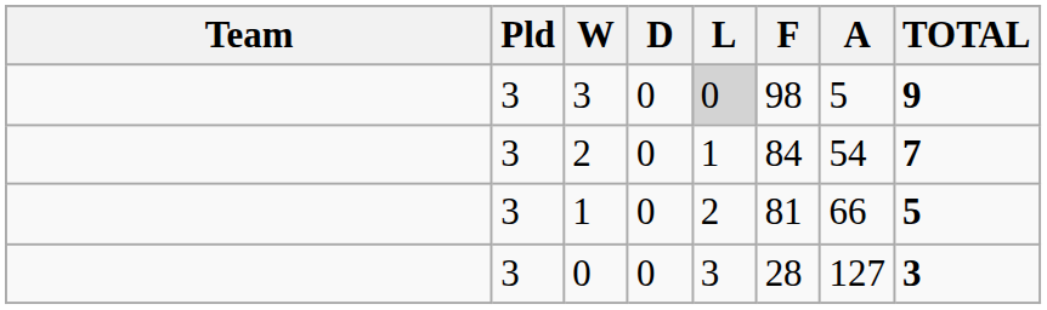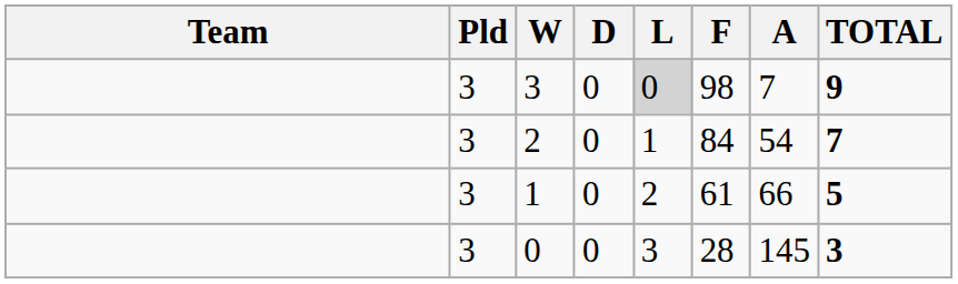 <table class="wikitable">
 <tr border=1 cellpadding=5 cellspacing=0>
 <th width="200">Team</th>
 <th width="20">Pld</th>
 <th width="20">W</th>
 <th width="20">D</th>
 <th width="20">L</th>
 <th width="20">F</th>
 <th width="20">A</th>
 <th width="20">TOTAL</th>
 </tr>
 <tr>
 <td align=left></td>
 <td>3</td>
 <td>3</td>
 <td>0</td>
 <td style="background: lightgrey;">0</td>
 <td>98</td>
-<td>5</td>
+<td>7</td>
 <td><strong>9</strong></td>
 </tr>
 <tr>
 <td align=left></td>
 <td>3</td>
 <td>2</td>
 <td>0</td>
 <td>1</td>
 <td>84</td>
 <td>54</td>
 <td><strong>7</strong></td>
 </tr>
 <tr>
 <td align=left></td>
 <td>3</td>
 <td>1</td>
 <td>0</td>
 <td>2</td>
-<td>81</td>
+<td>61</td>
 <td>66</td>
 <td><strong>5</strong></td>
 </tr>
 <tr>
 <td align=left></td>
 <td>3</td>
 <td>0</td>
 <td>0</td>
 <td>3</td>
 <td>28</td>
-<td>127</td>
+<td>145</td>
 <td><strong>3</strong></td>
 </tr>
 </table>
